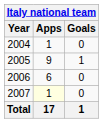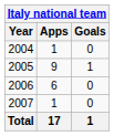 <table class="wikitable" style="text-align:center">
 <tr>
 <th colspan="3"><a href='#'>Italy national team</a></th>
 </tr>
 <tr>
 <th>Year</th>
 <th>Apps</th>
 <th>Goals</th>
 </tr>
 <tr>
 <td>2004</td>
 <td>1</td>
 <td>0</td>
 </tr>
 <tr>
 <td>2005</td>
 <td>9</td>
 <td>1</td>
 </tr>
 <tr>
 <td>2006</td>
 <td>6</td>
 <td>0</td>
 </tr>
 <tr>
 <td>2007</td>
-<td style="background: lightyellow;">1</td>
+<td>1</td>
 <td>0</td>
 </tr>
 <tr>
 <th>Total</th>
 <th>17</th>
 <th>1</th>
 </tr>
 </table>
